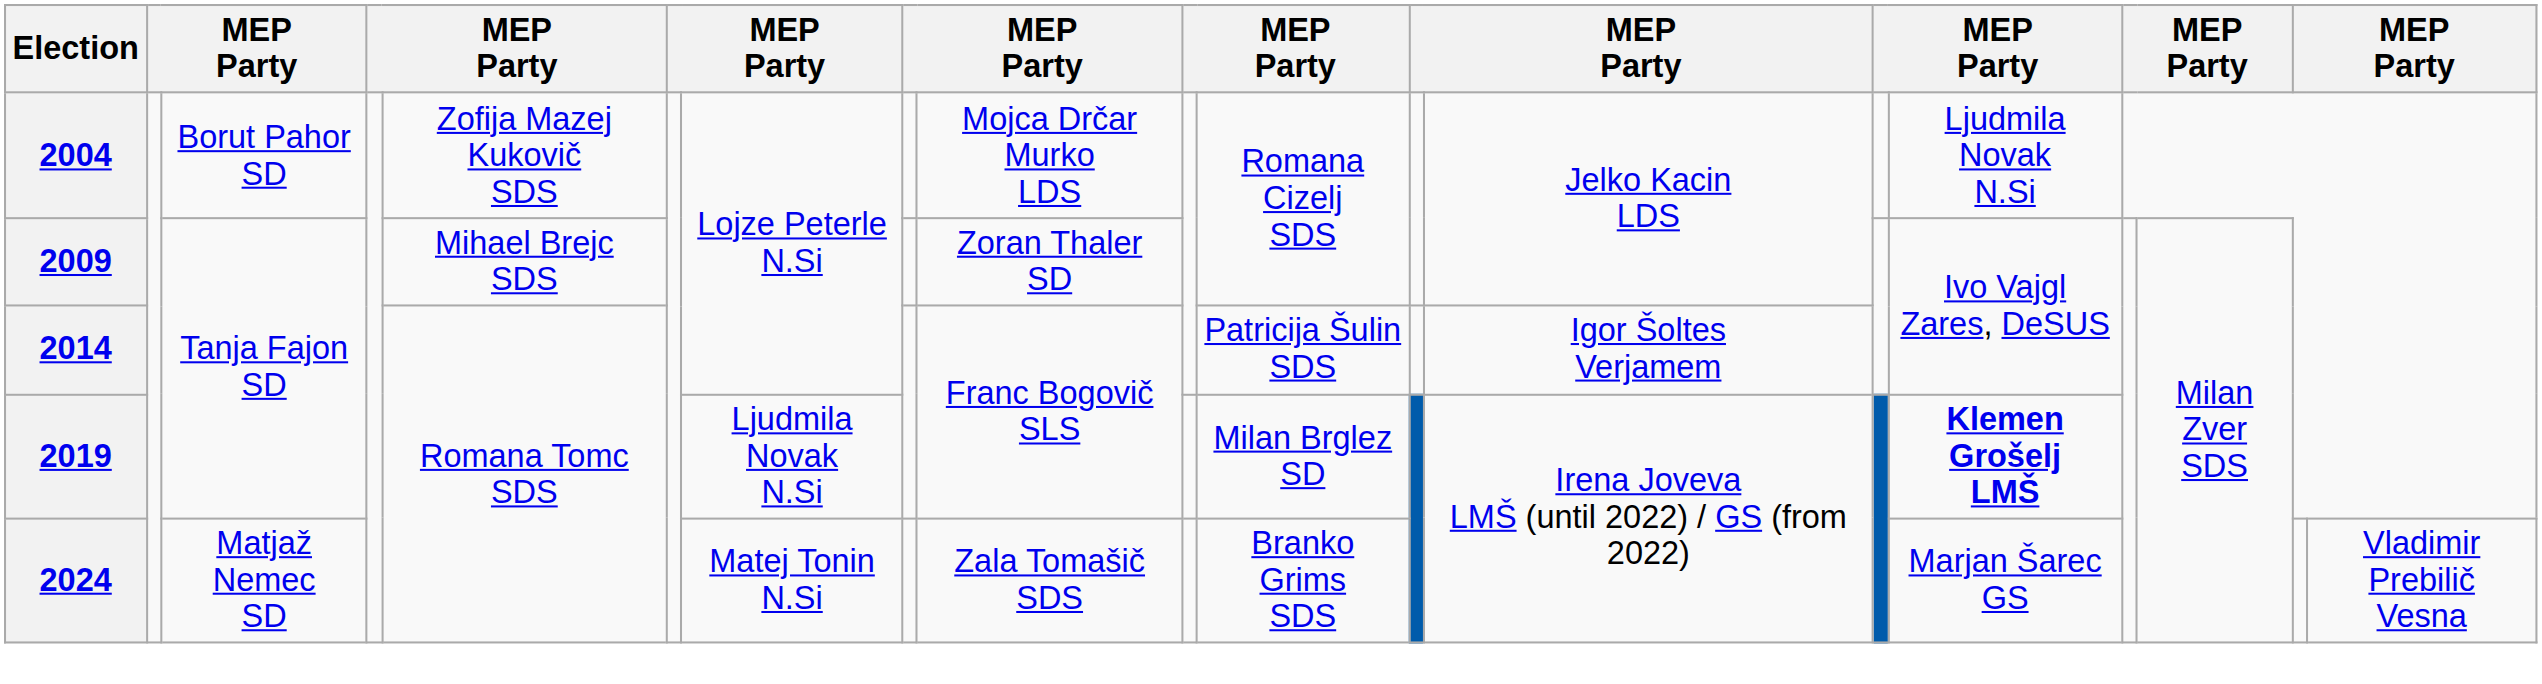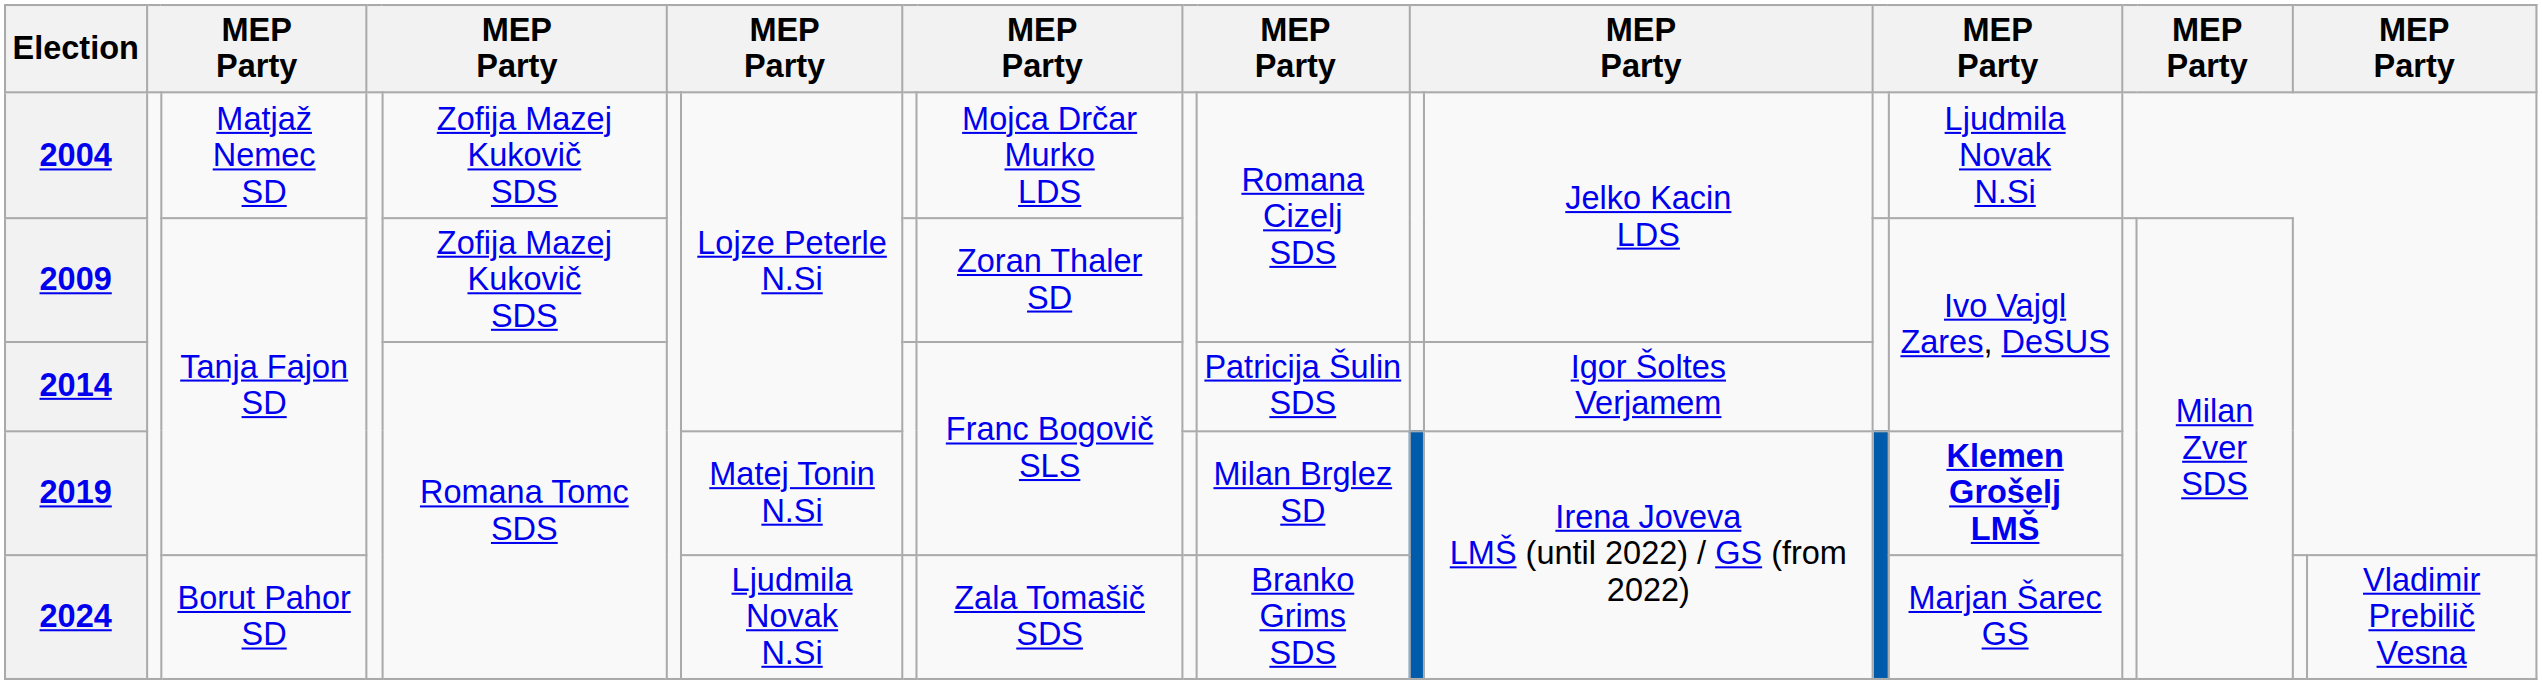 <table class="wikitable" style="text-align:center">
 <tr>
 <th>Election</th>
 <th colspan=2>MEP<br>Party</th>
 <th colspan=2>MEP<br>Party</th>
 <th colspan=2>MEP<br>Party</th>
 <th colspan=2>MEP<br>Party</th>
 <th colspan=2>MEP<br>Party</th>
 <th colspan=2>MEP<br>Party</th>
 <th colspan=2>MEP<br>Party</th>
 <th colspan=2>MEP<br>Party</th>
 <th colspan=2>MEP<br>Party</th>
 </tr>
 <tr>
 <th><a href='#'>2004</a></th>
 <td rowspan=5; style="background-color: "></td>
-<td rowspan=1><a href='#'>Borut Pahor</a><br><a href='#'>SD</a></td>
+<td rowspan=1><a href='#'>Matjaž Nemec</a><br><a href='#'>SD</a></td>
 <td rowspan=5; style="background-color: "></td>
 <td rowspan=1><a href='#'>Zofija Mazej Kukovič</a><br><a href='#'>SDS</a></td>
 <td rowspan=5; style="background-color: "></td>
 <td rowspan=3><a href='#'>Lojze Peterle</a><br><a href='#'>N.Si</a></td>
 <td rowspan=1; style="background-color: "></td>
 <td rowspan=1><a href='#'>Mojca Drčar Murko</a><br><a href='#'>LDS</a></td>
 <td rowspan=3; style="background-color: "></td>
 <td rowspan=2><a href='#'>Romana Cizelj</a><br><a href='#'>SDS</a></td>
 <td rowspan=2; style="background-color: "></td>
 <td rowspan=2><a href='#'>Jelko Kacin</a><br><a href='#'>LDS</a></td>
 <td rowspan=1; style="background-color: "></td>
 <td rowspan=1><a href='#'>Ljudmila Novak</a><br><a href='#'>N.Si</a></td>
 </tr>
 <tr>
 <th><a href='#'>2009</a></th>
 <td rowspan=3><a href='#'>Tanja Fajon</a><br><a href='#'>SD</a></td>
-<td rowspan=1><a href='#'>Mihael Brejc</a><br><a href='#'>SDS</a></td>
+<td rowspan=1><a href='#'>Zofija Mazej Kukovič</a><br><a href='#'>SDS</a></td>
 <td rowspan=1; style="background-color: "></td>
 <td rowspan=1><a href='#'>Zoran Thaler</a><br><a href='#'>SD</a></td>
 <td rowspan=2; style="background-color: "></td>
 <td rowspan=2><a href='#'>Ivo Vajgl</a><br><a href='#'>Zares</a>, <a href='#'>DeSUS</a></td>
 <td rowspan=4; style="background-color: "></td>
 <td rowspan=4><a href='#'>Milan Zver</a><br><a href='#'>SDS</a></td>
 </tr>
 <tr>
 <th><a href='#'>2014</a></th>
 <td rowspan=3><a href='#'>Romana Tomc</a><br><a href='#'>SDS</a></td>
 <td rowspan=2; style="background-color: "></td>
 <td rowspan=2><a href='#'>Franc Bogovič</a><br><a href='#'>SLS</a></td>
 <td rowspan=1><a href='#'>Patricija Šulin</a><br><a href='#'>SDS</a></td>
 <td rowspan=1; style="background-color: "></td>
 <td rowspan=1><a href='#'>Igor Šoltes</a><br><a href='#'>Verjamem</a></td>
 </tr>
 <tr>
 <th><a href='#'>2019</a></th>
-<td rowspan=1><a href='#'>Ljudmila Novak</a><br><a href='#'>N.Si</a></td>
+<td rowspan=1><a href='#'>Matej Tonin</a><br><a href='#'>N.Si</a></td>
 <td rowspan=1; style="background-color: "></td>
 <td rowspan=1><a href='#'>Milan Brglez</a><br><a href='#'>SD</a></td>
 <td rowspan=2; style="background-color: #005bab"></td>
 <td rowspan=2><a href='#'>Irena Joveva</a><br><a href='#'>LMŠ</a> (until 2022) / <a href='#'>GS</a> (from 2022)</td>
 <td rowspan=2; style="background-color: #005bab"></td>
 <td rowspan=1><strong><a href='#'>Klemen Grošelj</a><br><a href='#'>LMŠ</a></strong></td>
 </tr>
 <tr>
 <th><a href='#'>2024</a></th>
-<td rowspan=1><a href='#'>Matjaž Nemec</a><br><a href='#'>SD</a></td>
-<td rowspan=1><a href='#'>Matej Tonin</a><br><a href='#'>N.Si</a></td>
+<td rowspan=1><a href='#'>Borut Pahor</a><br><a href='#'>SD</a></td>
+<td rowspan=1><a href='#'>Ljudmila Novak</a><br><a href='#'>N.Si</a></td>
 <td rowspan=1; style="background-color: "></td>
 <td rowspan=1><a href='#'>Zala Tomašič</a><br><a href='#'>SDS</a></td>
 <td rowspan=1; style="background-color: "></td>
 <td rowspan=1><a href='#'>Branko Grims</a><br><a href='#'>SDS</a></td>
 <td rowspan=1><a href='#'>Marjan Šarec</a><br><a href='#'>GS</a></td>
 <td rowspan=1; style="background-color: "></td>
 <td rowspan=1><a href='#'>Vladimir Prebilič</a><br><a href='#'>Vesna</a></td>
 </tr>
 </table>
